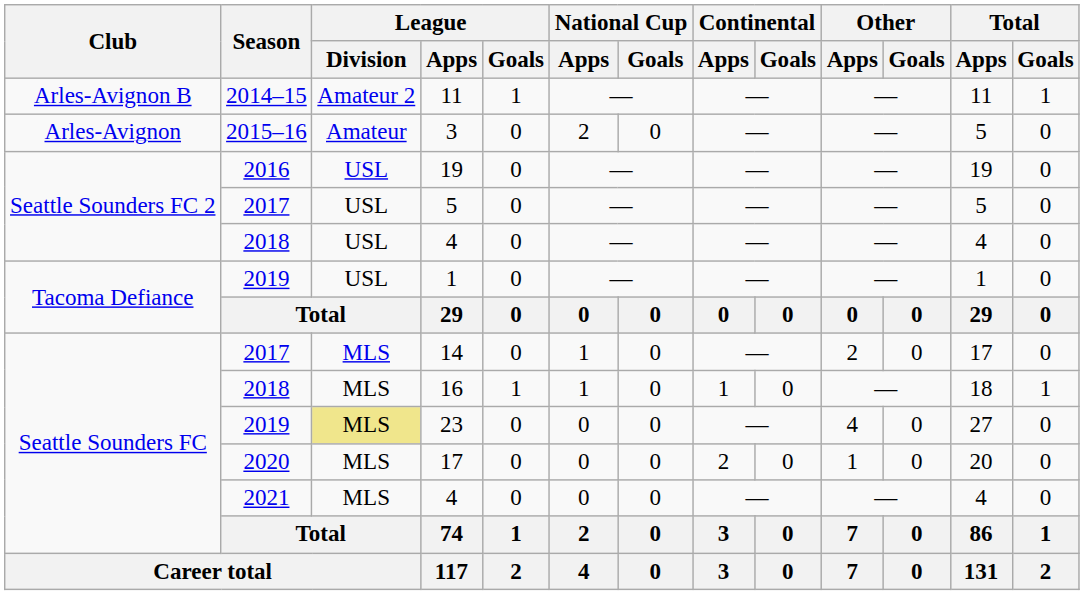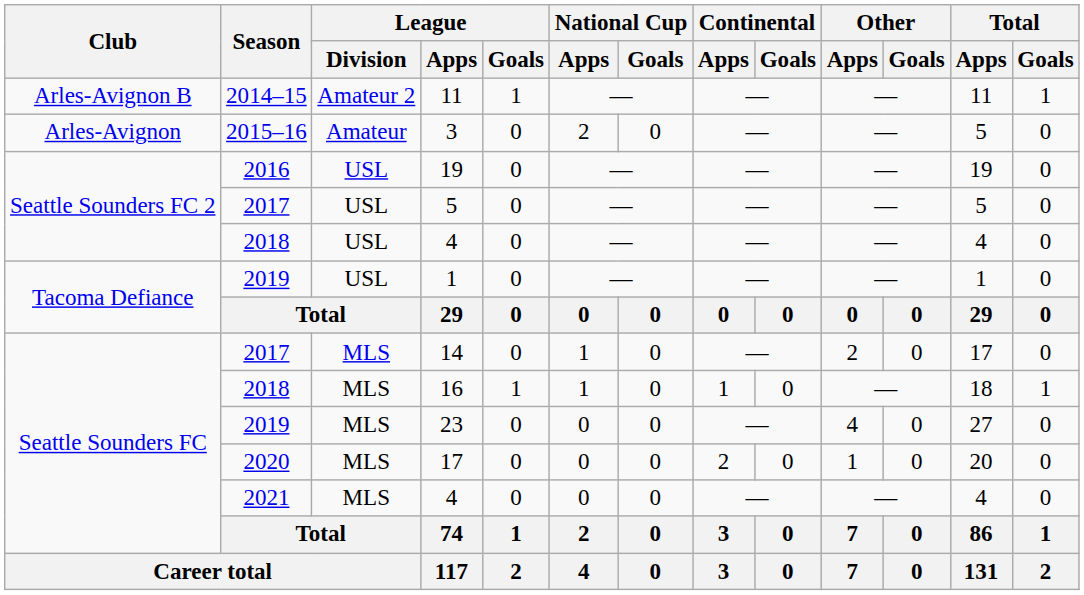 <table class="wikitable" style="text-align:center">
 <tr>
 <th rowspan="2">Club</th>
 <th rowspan="2">Season</th>
 <th colspan="3">League</th>
 <th colspan="2">National Cup</th>
 <th colspan="2">Continental</th>
 <th colspan="2">Other</th>
 <th colspan="2">Total</th>
 </tr>
 <tr>
 <th>Division</th>
 <th>Apps</th>
 <th>Goals</th>
 <th>Apps</th>
 <th>Goals</th>
 <th>Apps</th>
 <th>Goals</th>
 <th>Apps</th>
 <th>Goals</th>
 <th>Apps</th>
 <th>Goals</th>
 </tr>
 <tr>
 <td><a href='#'>Arles-Avignon B</a></td>
 <td><a href='#'>2014–15</a></td>
 <td><a href='#'>Amateur 2</a></td>
 <td>11</td>
 <td>1</td>
 <td colspan="2">—</td>
 <td colspan="2">—</td>
 <td colspan="2">—</td>
 <td>11</td>
 <td>1</td>
 </tr>
 <tr>
 <td><a href='#'>Arles-Avignon</a></td>
 <td><a href='#'>2015–16</a></td>
 <td><a href='#'>Amateur</a></td>
 <td>3</td>
 <td>0</td>
 <td>2</td>
 <td>0</td>
 <td colspan="2">—</td>
 <td colspan="2">—</td>
 <td>5</td>
 <td>0</td>
 </tr>
 <tr>
 <td rowspan="3"><a href='#'>Seattle Sounders FC 2</a></td>
 <td><a href='#'>2016</a></td>
 <td><a href='#'>USL</a></td>
 <td>19</td>
 <td>0</td>
 <td colspan="2">—</td>
 <td colspan="2">—</td>
 <td colspan="2">—</td>
 <td>19</td>
 <td>0</td>
 </tr>
 <tr>
 <td><a href='#'>2017</a></td>
 <td>USL</td>
 <td>5</td>
 <td>0</td>
 <td colspan="2">—</td>
 <td colspan="2">—</td>
 <td colspan="2">—</td>
 <td>5</td>
 <td>0</td>
 </tr>
 <tr>
 <td><a href='#'>2018</a></td>
 <td>USL</td>
 <td>4</td>
 <td>0</td>
 <td colspan="2">—</td>
 <td colspan="2">—</td>
 <td colspan="2">—</td>
 <td>4</td>
 <td>0</td>
 </tr>
 <tr>
 <td rowspan="2"><a href='#'>Tacoma Defiance</a></td>
 <td><a href='#'>2019</a></td>
 <td>USL</td>
 <td>1</td>
 <td>0</td>
 <td colspan="2">—</td>
 <td colspan="2">—</td>
 <td colspan="2">—</td>
 <td>1</td>
 <td>0</td>
 </tr>
 <tr>
 <th colspan="2">Total</th>
 <th>29</th>
 <th>0</th>
 <th>0</th>
 <th>0</th>
 <th>0</th>
 <th>0</th>
 <th>0</th>
 <th>0</th>
 <th>29</th>
 <th>0</th>
 </tr>
 <tr>
 <td rowspan="6"><a href='#'>Seattle Sounders FC</a></td>
 <td><a href='#'>2017</a></td>
 <td><a href='#'>MLS</a></td>
 <td>14</td>
 <td>0</td>
 <td>1</td>
 <td>0</td>
 <td colspan="2">—</td>
 <td>2</td>
 <td>0</td>
 <td>17</td>
 <td>0</td>
 </tr>
 <tr>
 <td><a href='#'>2018</a></td>
 <td>MLS</td>
 <td>16</td>
 <td>1</td>
 <td>1</td>
 <td>0</td>
 <td>1</td>
 <td>0</td>
 <td colspan="2">—</td>
 <td>18</td>
 <td>1</td>
 </tr>
 <tr>
 <td><a href='#'>2019</a></td>
-<td style="background: khaki;">MLS</td>
+<td>MLS</td>
 <td>23</td>
 <td>0</td>
 <td>0</td>
 <td>0</td>
 <td colspan="2">—</td>
 <td>4</td>
 <td>0</td>
 <td>27</td>
 <td>0</td>
 </tr>
 <tr>
 <td><a href='#'>2020</a></td>
 <td>MLS</td>
 <td>17</td>
 <td>0</td>
 <td>0</td>
 <td>0</td>
 <td>2</td>
 <td>0</td>
 <td>1</td>
 <td>0</td>
 <td>20</td>
 <td>0</td>
 </tr>
 <tr>
 <td><a href='#'>2021</a></td>
 <td>MLS</td>
 <td>4</td>
 <td>0</td>
 <td>0</td>
 <td>0</td>
 <td colspan="2">—</td>
 <td colspan="2">—</td>
 <td>4</td>
 <td>0</td>
 </tr>
 <tr>
 <th colspan="2">Total</th>
 <th>74</th>
 <th>1</th>
 <th>2</th>
 <th>0</th>
 <th>3</th>
 <th>0</th>
 <th>7</th>
 <th>0</th>
 <th>86</th>
 <th>1</th>
 </tr>
 <tr>
 <th colspan="3">Career total</th>
 <th>117</th>
 <th>2</th>
 <th>4</th>
 <th>0</th>
 <th>3</th>
 <th>0</th>
 <th>7</th>
 <th>0</th>
 <th>131</th>
 <th>2</th>
 </tr>
 </table>
